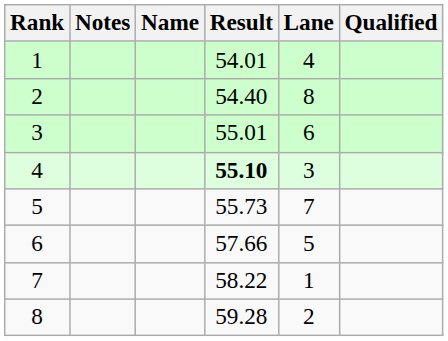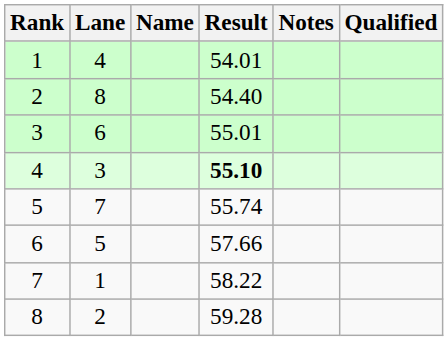 <table class="wikitable sortable" style="text-align:center">
 <tr>
 <th>Rank</th>
-<th>Notes</th>
+<th>Lane</th>
 <th>Name</th>
 <th>Result</th>
-<th>Lane</th>
+<th>Notes</th>
 <th>Qualified</th>
 </tr>
 <tr style="background:#cfc;">
 <td>1</td>
-<td></td>
+<td>4</td>
 <td align="left"></td>
 <td>54.01</td>
-<td>4</td>
+<td></td>
 <td></td>
 </tr>
 <tr style="background:#cfc;">
 <td>2</td>
-<td></td>
+<td>8</td>
 <td align="left"></td>
 <td>54.40</td>
-<td>8</td>
+<td></td>
 <td></td>
 </tr>
 <tr style="background:#cfc;">
 <td>3</td>
-<td></td>
+<td>6</td>
 <td align="left"></td>
 <td>55.01</td>
-<td>6</td>
+<td></td>
 <td></td>
 </tr>
 <tr style="background:#dfd;">
 <td>4</td>
-<td></td>
+<td>3</td>
 <td align="left"></td>
 <td><strong>55.10</strong></td>
-<td>3</td>
+<td></td>
 <td></td>
 </tr>
 <tr>
 <td>5</td>
+<td>7</td>
+<td align="left"></td>
+<td>55.74</td>
 <td></td>
-<td align="left"></td>
-<td>55.73</td>
-<td>7</td>
 <td></td>
 </tr>
 <tr>
 <td>6</td>
-<td></td>
+<td>5</td>
 <td align="left"></td>
 <td>57.66</td>
-<td>5</td>
+<td></td>
 <td></td>
 </tr>
 <tr>
 <td>7</td>
-<td></td>
+<td>1</td>
 <td align="left"></td>
 <td>58.22</td>
-<td>1</td>
+<td></td>
 <td></td>
 </tr>
 <tr>
 <td>8</td>
-<td></td>
+<td>2</td>
 <td align="left"></td>
 <td>59.28</td>
-<td>2</td>
+<td></td>
 <td></td>
 </tr>
 </table>
